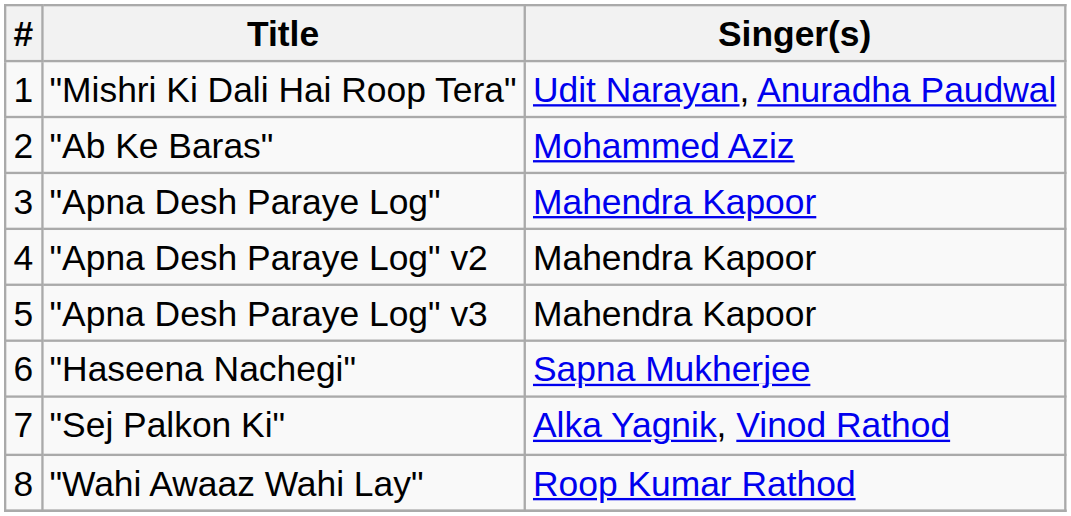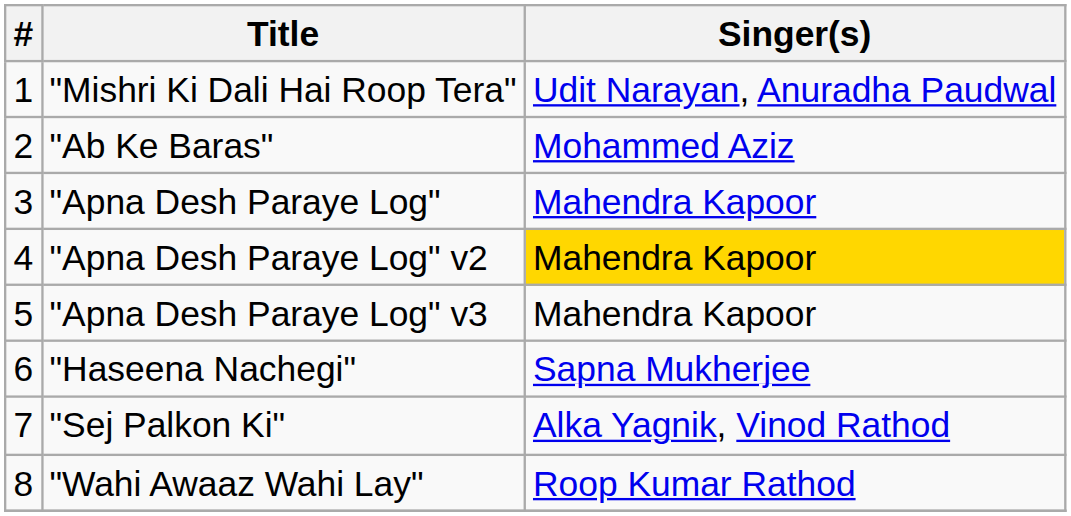 <table class="wikitable" style="font-size:95%;">
 <tr>
 <th>#</th>
 <th>Title</th>
 <th>Singer(s)</th>
 </tr>
 <tr>
 <td>1</td>
 <td>"Mishri Ki Dali Hai Roop Tera"</td>
 <td><a href='#'>Udit Narayan</a>, <a href='#'>Anuradha Paudwal</a></td>
 </tr>
 <tr>
 <td>2</td>
 <td>"Ab Ke Baras"</td>
 <td><a href='#'>Mohammed Aziz</a></td>
 </tr>
 <tr>
 <td>3</td>
 <td>"Apna Desh Paraye Log"</td>
 <td><a href='#'>Mahendra Kapoor</a></td>
 </tr>
 <tr>
 <td>4</td>
 <td>"Apna Desh Paraye Log" v2</td>
-<td>Mahendra Kapoor</td>
+<td style="background: gold;">Mahendra Kapoor</td>
 </tr>
 <tr>
 <td>5</td>
 <td>"Apna Desh Paraye Log" v3</td>
 <td>Mahendra Kapoor</td>
 </tr>
 <tr>
 <td>6</td>
 <td>"Haseena Nachegi"</td>
 <td><a href='#'>Sapna Mukherjee</a></td>
 </tr>
 <tr>
 <td>7</td>
 <td>"Sej Palkon Ki"</td>
 <td><a href='#'>Alka Yagnik</a>, <a href='#'>Vinod Rathod</a></td>
 </tr>
 <tr>
 <td>8</td>
 <td>"Wahi Awaaz Wahi Lay"</td>
 <td><a href='#'>Roop Kumar Rathod</a></td>
 </tr>
 <tr>
 </tr>
 </table>
